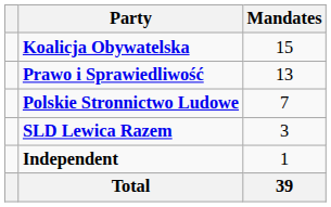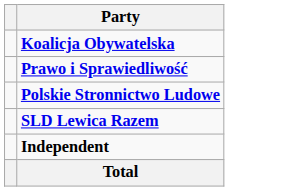 <table class="wikitable">
 <tr>
 <th width="5"></th>
 <th>Party</th>
-<th>Mandates</th>
 </tr>
 <tr>
 <td style="background:"></td>
 <td><strong><a href='#'>Koalicja Obywatelska</a></strong></td>
-<td align="center">15</td>
 </tr>
 <tr>
 <td style="background:"></td>
 <td><strong><a href='#'>Prawo i Sprawiedliwość</a></strong></td>
-<td align="center">13</td>
 </tr>
 <tr>
 <td style="background:"></td>
 <td><strong><a href='#'>Polskie Stronnictwo Ludowe</a></strong></td>
-<td align="center">7</td>
 </tr>
 <tr>
 <td style="background:"></td>
 <td><strong><a href='#'>SLD Lewica Razem</a></strong></td>
-<td align="center">3</td>
 </tr>
 <tr>
 <td style="background:"></td>
 <td><strong>Independent</strong></td>
-<td align="center">1</td>
 </tr>
 <tr bgcolor="#ececec">
 <th></th>
 <th>Total</th>
-<th align="center">39</th>
 </tr>
 </table>
